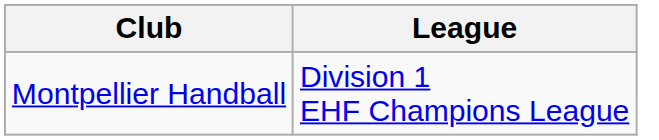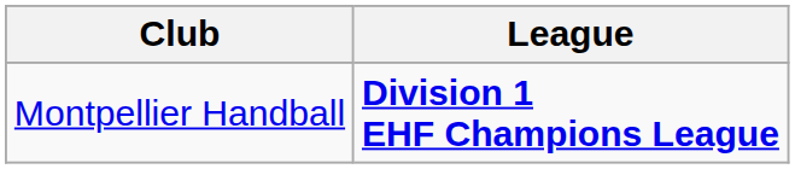 <table class="wikitable">
 <tr>
 <th>Club</th>
 <th>League</th>
 </tr>
 <tr>
 <td><a href='#'>Montpellier Handball</a></td>
-<td><a href='#'>Division 1</a><br><a href='#'>EHF Champions League</a></td>
+<td><strong><a href='#'>Division 1</a><br><a href='#'>EHF Champions League</a></strong></td>
 </tr>
 </table>
